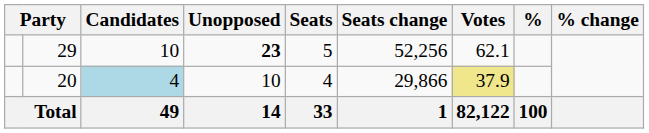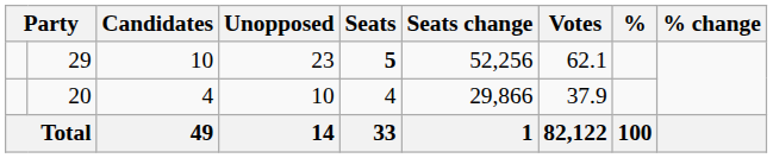 <table class="wikitable sortable">
 <tr>
 <th colspan=2>Party</th>
 <th>Candidates</th>
 <th>Unopposed</th>
 <th>Seats</th>
 <th>Seats change</th>
 <th>Votes</th>
 <th>%</th>
 <th>% change</th>
 </tr>
 <tr>
 <td></td>
 <td align=right>29</td>
 <td align=right>10</td>
-<td align=right><strong>23</strong></td>
-<td align=right>5</td>
+<td align=right>23</td>
+<td align=right><strong>5</strong></td>
 <td align=right>52,256</td>
 <td align=right>62.1</td>
 <td align=right></td>
 </tr>
 <tr>
 <td></td>
 <td align=right>20</td>
-<td align=right style="background: lightblue;">4</td>
+<td align=right>4</td>
 <td align=right>10</td>
 <td align=right>4</td>
 <td align=right>29,866</td>
-<td align=right style="background: khaki;">37.9</td>
+<td align=right>37.9</td>
 <td align=right></td>
 </tr>
 <tr class="sortbottom" style="font-weight: bold; text-align: right; background: #f2f2f2;">
 <th colspan="2" style="padding-left: 1.5em; text-align: left;">Total</th>
 <td align=right>49</td>
 <td align=right>14</td>
 <td align=right>33</td>
 <td align=right>1</td>
 <td align=right>82,122</td>
 <td align=right>100</td>
 <td align=right></td>
 </tr>
 </table>
